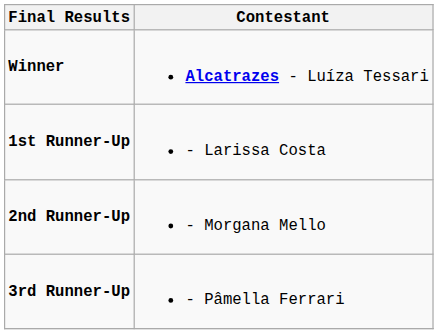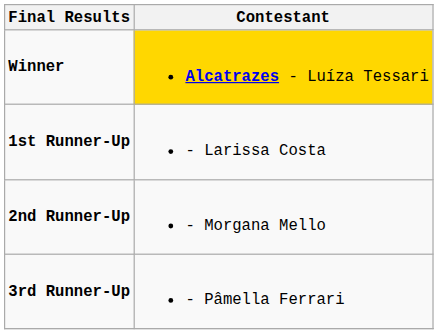 <table class="wikitable">
 <tr>
 <th>Final Results</th>
 <th>Contestant</th>
 </tr>
 <tr>
 <td><strong>Winner</strong></td>
-<td><br><ul><li><strong> <a href='#'>Alcatrazes</a></strong> - Luíza Tessari</li></ul></td>
+<td style="background: gold;"><br><ul><li><strong> <a href='#'>Alcatrazes</a></strong> - Luíza Tessari</li></ul></td>
 </tr>
 <tr>
 <td><strong>1st Runner-Up</strong></td>
 <td><br><ul><li><strong></strong> - Larissa Costa</li></ul></td>
 </tr>
 <tr>
 <td><strong>2nd Runner-Up</strong></td>
 <td><br><ul><li><strong></strong> - Morgana Mello</li></ul></td>
 </tr>
 <tr>
 <td><strong>3rd Runner-Up</strong></td>
 <td><br><ul><li><strong></strong> - Pâmella Ferrari</li></ul></td>
 </tr>
 <tr>
 </tr>
 </table>
